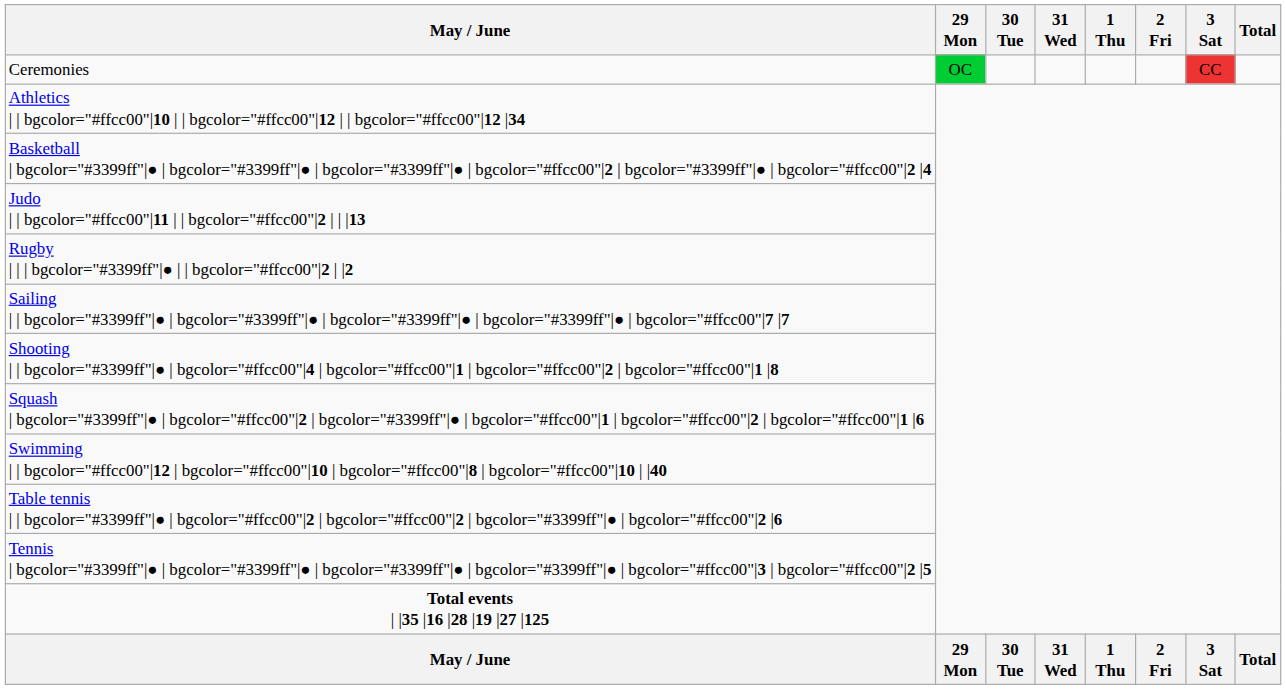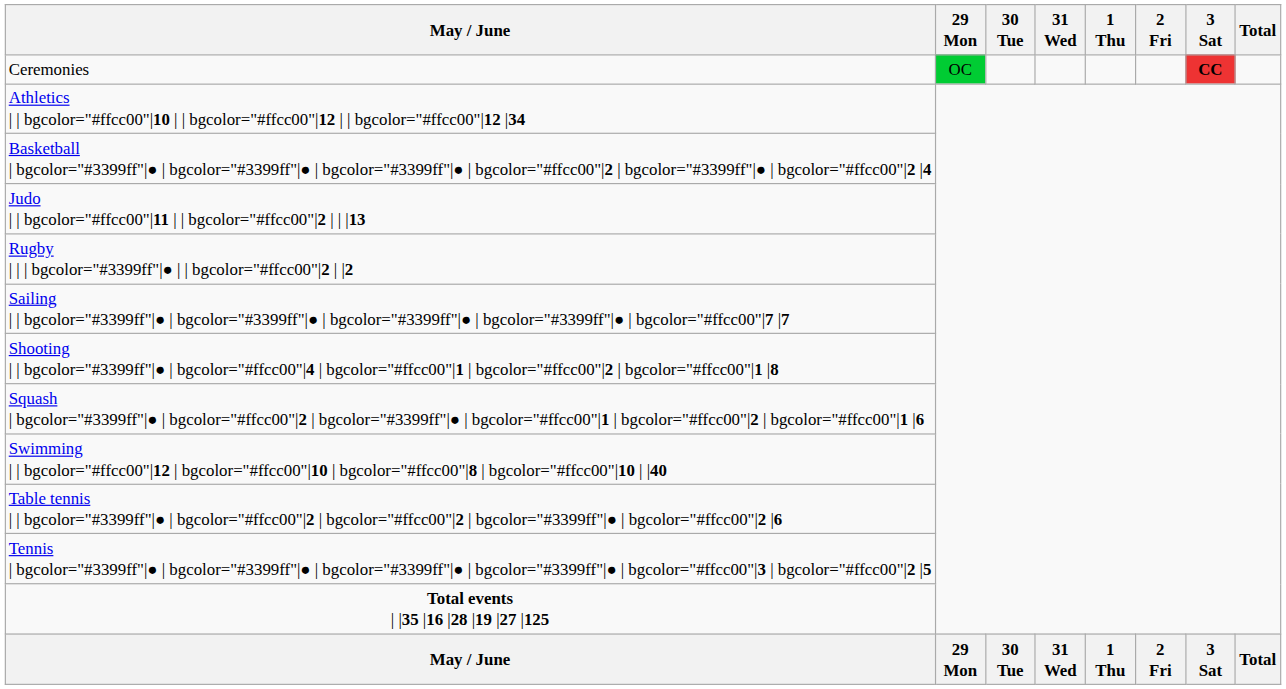 <table class="wikitable"style="text-align:center; margin:0.5em auto; font-size:90%; line-height:1.25em;">
 <tr>
 <th colspan=2>May / June</th>
 <th style="width:2.5em">29<br>Mon</th>
 <th style="width:2.5em">30<br>Tue</th>
 <th style="width:2.5em">31<br>Wed</th>
 <th style="width:2.5em">1<br>Thu</th>
 <th style="width:2.5em">2<br>Fri</th>
 <th style="width:2.5em">3<br>Sat</th>
 <th>Total</th>
 </tr>
 <tr>
 <td colspan=2 align=left>Ceremonies</td>
 <td bgcolor="#00cc33">OC</td>
 <td></td>
 <td></td>
 <td></td>
 <td></td>
-<td bgcolor="#ee3333">CC</td>
+<td bgcolor="#ee3333"><strong>CC</strong></td>
 <td></td>
 </tr>
 <tr>
 <td colspan=2 align=left> <a href='#'>Athletics</a><br>| | bgcolor="#ffcc00"|<strong>10</strong> |  | bgcolor="#ffcc00"|<strong>12</strong> |  | bgcolor="#ffcc00"|<strong>12</strong> |<strong>34</strong></td>
 </tr>
 <tr>
 <td colspan=2 align=left> <a href='#'>Basketball</a><br>| bgcolor="#3399ff"|● | bgcolor="#3399ff"|● | bgcolor="#3399ff"|● | bgcolor="#ffcc00"|<strong>2</strong> | bgcolor="#3399ff"|● | bgcolor="#ffcc00"|<strong>2</strong> |<strong>4</strong></td>
 </tr>
 <tr>
 <td colspan=2 align=left> <a href='#'>Judo</a><br>| | bgcolor="#ffcc00"|<strong>11</strong> | | bgcolor="#ffcc00"|<strong>2</strong> | |  |<strong>13</strong></td>
 </tr>
 <tr>
 <td colspan=2 align=left> <a href='#'>Rugby</a><br>| | | bgcolor="#3399ff"|● | | bgcolor="#ffcc00"|<strong>2</strong> | |<strong>2</strong></td>
 </tr>
 <tr>
 <td colspan=2 align=left> <a href='#'>Sailing</a><br>|  | bgcolor="#3399ff"|● | bgcolor="#3399ff"|● | bgcolor="#3399ff"|● | bgcolor="#3399ff"|● | bgcolor="#ffcc00"|<strong>7</strong> |<strong>7 </strong></td>
 </tr>
 <tr>
 <td colspan=2 align=left> <a href='#'>Shooting</a><br>| | bgcolor="#3399ff"|● | bgcolor="#ffcc00"|<strong>4</strong> | bgcolor="#ffcc00"|<strong>1</strong> | bgcolor="#ffcc00"|<strong>2</strong> | bgcolor="#ffcc00"|<strong>1</strong> |<strong>8</strong></td>
 </tr>
 <tr>
 <td colspan=2 align=left> <a href='#'>Squash</a><br>| bgcolor="#3399ff"|● | bgcolor="#ffcc00"|<strong>2</strong> | bgcolor="#3399ff"|● | bgcolor="#ffcc00"|<strong>1</strong> | bgcolor="#ffcc00"|<strong>2</strong> | bgcolor="#ffcc00"|<strong>1</strong> |<strong>6</strong></td>
 </tr>
 <tr>
 <td colspan=2 align=left> <a href='#'>Swimming</a><br>| | bgcolor="#ffcc00"|<strong>12</strong> | bgcolor="#ffcc00"|<strong>10</strong> | bgcolor="#ffcc00"|<strong>8</strong> | bgcolor="#ffcc00"|<strong>10</strong> |  |<strong>40</strong></td>
 </tr>
 <tr>
 <td colspan=2 align=left> <a href='#'>Table tennis</a><br>| | bgcolor="#3399ff"|● | bgcolor="#ffcc00"|<strong>2</strong> | bgcolor="#ffcc00"|<strong>2</strong> | bgcolor="#3399ff"|● | bgcolor="#ffcc00"|<strong>2</strong> |<strong>6</strong></td>
 </tr>
 <tr>
 <td colspan=2 align=left> <a href='#'>Tennis</a><br>| bgcolor="#3399ff"|● | bgcolor="#3399ff"|● | bgcolor="#3399ff"|● | bgcolor="#3399ff"|● | bgcolor="#ffcc00"|<strong>3</strong> | bgcolor="#ffcc00"|<strong>2</strong> |<strong>5</strong></td>
 </tr>
 <tr>
 <td colspan=2><strong>Total events</strong><br>| |<strong>35</strong> |<strong>16</strong> |<strong>28</strong> |<strong>19</strong> |<strong>27</strong> |<strong>125</strong></td>
 </tr>
 <tr>
 <th colspan=2>May / June</th>
 <th>29<br>Mon</th>
 <th>30<br>Tue</th>
 <th>31<br>Wed</th>
 <th>1<br>Thu</th>
 <th>2<br>Fri</th>
 <th>3<br>Sat</th>
 <th>Total</th>
 </tr>
 </table>
